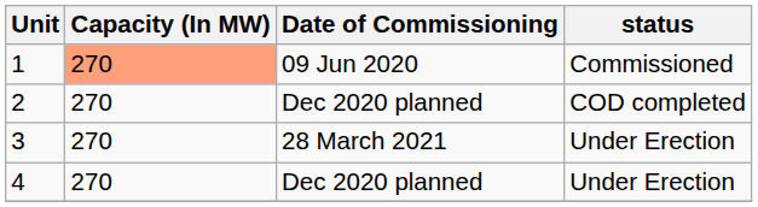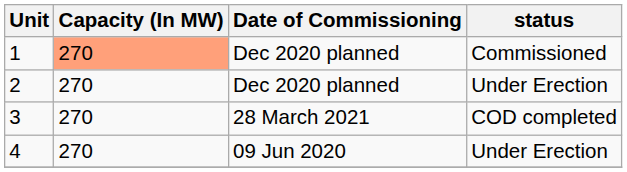 <table class="wikitable">
 <tr>
 <th>Unit</th>
 <th>Capacity (In MW)</th>
 <th>Date of Commissioning</th>
 <th>status</th>
 </tr>
 <tr>
 <td>1</td>
 <td style="background: lightsalmon;">270</td>
-<td>09 Jun 2020</td>
+<td>Dec 2020 planned</td>
 <td>Commissioned</td>
 </tr>
 <tr>
 <td>2</td>
 <td>270</td>
 <td>Dec 2020 planned</td>
-<td>COD completed</td>
+<td>Under Erection</td>
 </tr>
 <tr>
 <td>3</td>
 <td>270</td>
 <td>28 March 2021</td>
-<td>Under Erection</td>
+<td>COD completed</td>
 </tr>
 <tr>
 <td>4</td>
 <td>270</td>
-<td>Dec 2020 planned</td>
+<td>09 Jun 2020</td>
 <td>Under Erection</td>
 </tr>
 <tr>
 </tr>
 </table>
